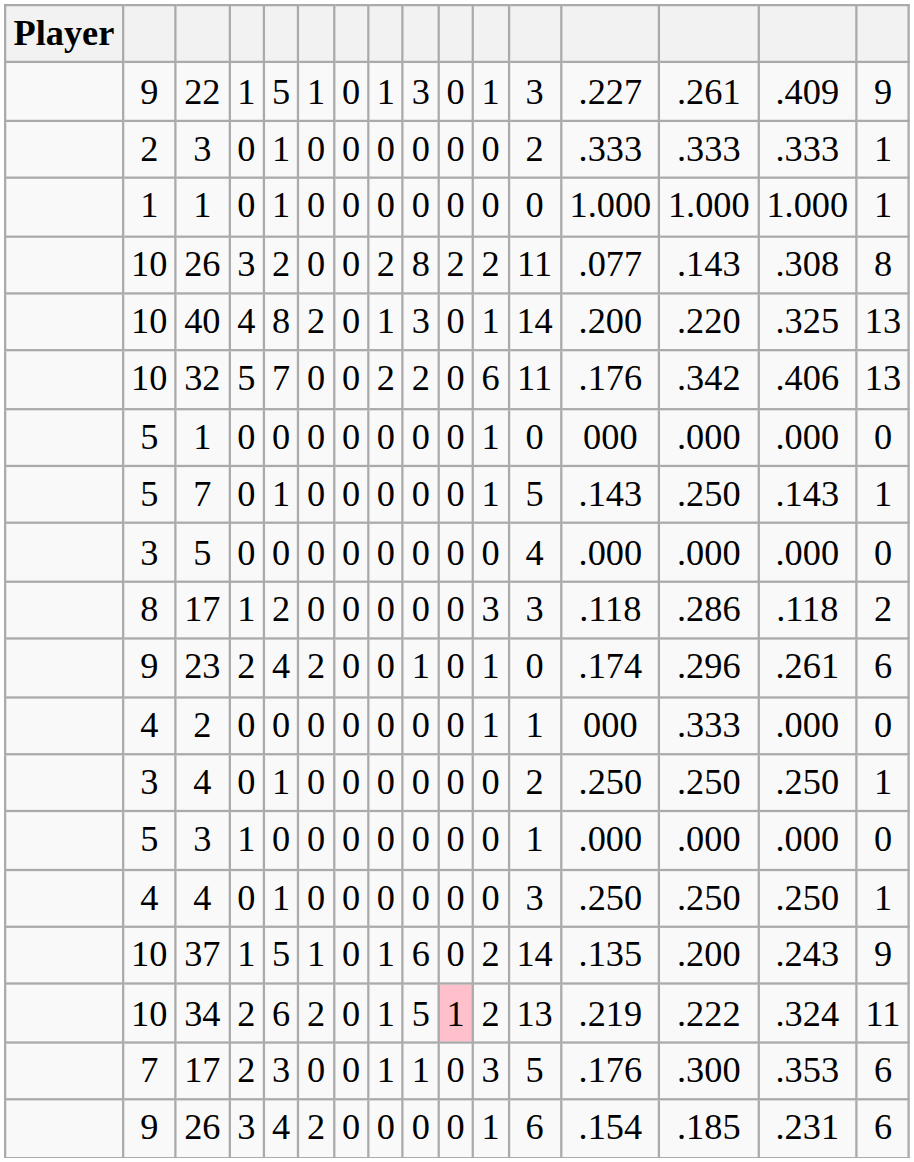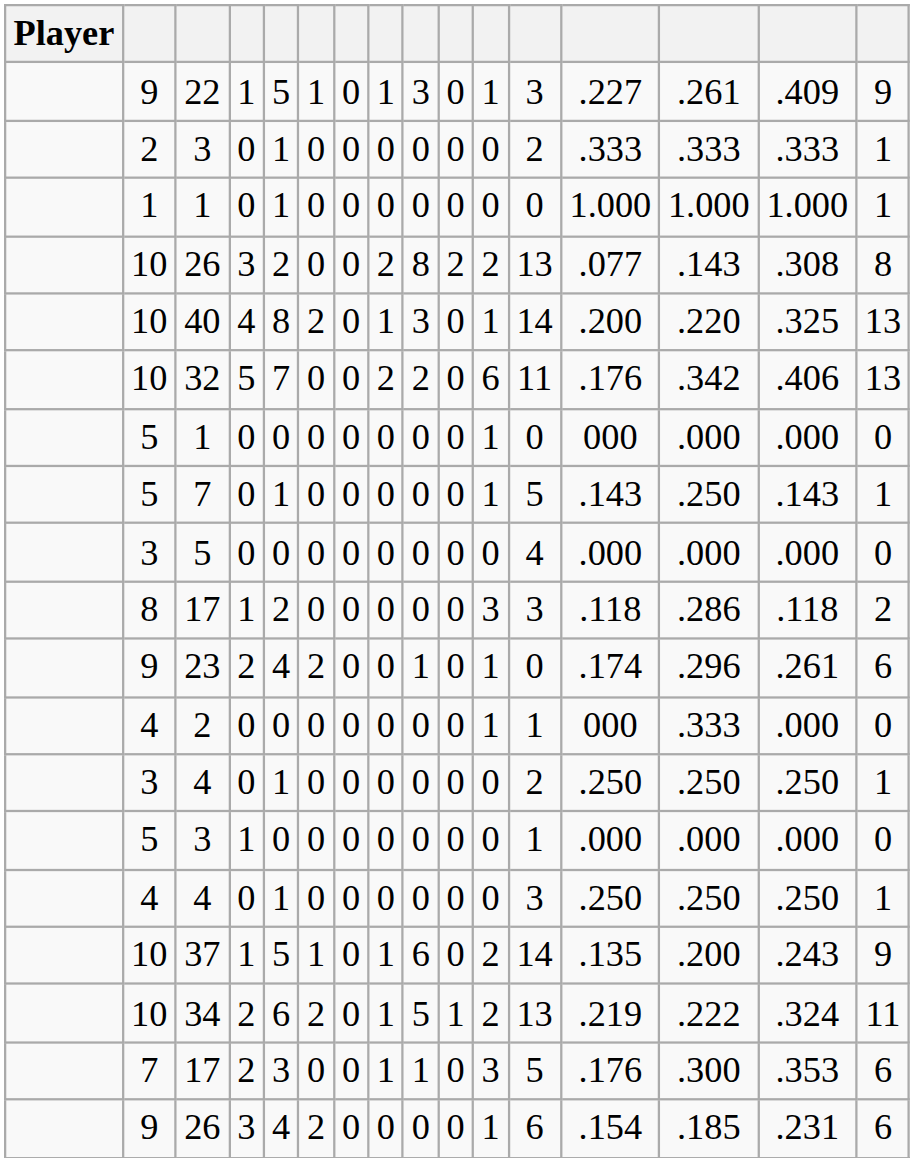 <table class="wikitable sortable" style="text-align:center;">
 <tr>
 <th>Player</th>
 <th></th>
 <th></th>
 <th></th>
 <th></th>
 <th></th>
 <th></th>
 <th></th>
 <th></th>
 <th></th>
 <th></th>
 <th></th>
 <th></th>
 <th></th>
 <th></th>
 <th></th>
 </tr>
 <tr>
 <td align=left></td>
 <td>9</td>
 <td>22</td>
 <td>1</td>
 <td>5</td>
 <td>1</td>
 <td>0</td>
 <td>1</td>
 <td>3</td>
 <td>0</td>
 <td>1</td>
 <td>3</td>
 <td>.227</td>
 <td>.261</td>
 <td>.409</td>
 <td>9</td>
 </tr>
 <tr>
 <td align=left></td>
 <td>2</td>
 <td>3</td>
 <td>0</td>
 <td>1</td>
 <td>0</td>
 <td>0</td>
 <td>0</td>
 <td>0</td>
 <td>0</td>
 <td>0</td>
 <td>2</td>
 <td>.333</td>
 <td>.333</td>
 <td>.333</td>
 <td>1</td>
 </tr>
 <tr>
 <td align=left></td>
 <td>1</td>
 <td>1</td>
 <td>0</td>
 <td>1</td>
 <td>0</td>
 <td>0</td>
 <td>0</td>
 <td>0</td>
 <td>0</td>
 <td>0</td>
 <td>0</td>
 <td>1.000</td>
 <td>1.000</td>
 <td>1.000</td>
 <td>1</td>
 </tr>
 <tr>
 <td align=left></td>
 <td>10</td>
 <td>26</td>
 <td>3</td>
 <td>2</td>
 <td>0</td>
 <td>0</td>
 <td>2</td>
 <td>8</td>
 <td>2</td>
 <td>2</td>
-<td>11</td>
+<td>13</td>
 <td>.077</td>
 <td>.143</td>
 <td>.308</td>
 <td>8</td>
 </tr>
 <tr>
 <td align=left></td>
 <td>10</td>
 <td>40</td>
 <td>4</td>
 <td>8</td>
 <td>2</td>
 <td>0</td>
 <td>1</td>
 <td>3</td>
 <td>0</td>
 <td>1</td>
 <td>14</td>
 <td>.200</td>
 <td>.220</td>
 <td>.325</td>
 <td>13</td>
 </tr>
 <tr>
 <td align=left></td>
 <td>10</td>
 <td>32</td>
 <td>5</td>
 <td>7</td>
 <td>0</td>
 <td>0</td>
 <td>2</td>
 <td>2</td>
 <td>0</td>
 <td>6</td>
 <td>11</td>
 <td>.176</td>
 <td>.342</td>
 <td>.406</td>
 <td>13</td>
 </tr>
 <tr>
 <td align=left></td>
 <td>5</td>
 <td>1</td>
 <td>0</td>
 <td>0</td>
 <td>0</td>
 <td>0</td>
 <td>0</td>
 <td>0</td>
 <td>0</td>
 <td>1</td>
 <td>0</td>
 <td>000</td>
 <td>.000</td>
 <td>.000</td>
 <td>0</td>
 </tr>
 <tr>
 <td align=left></td>
 <td>5</td>
 <td>7</td>
 <td>0</td>
 <td>1</td>
 <td>0</td>
 <td>0</td>
 <td>0</td>
 <td>0</td>
 <td>0</td>
 <td>1</td>
 <td>5</td>
 <td>.143</td>
 <td>.250</td>
 <td>.143</td>
 <td>1</td>
 </tr>
 <tr>
 <td align=left></td>
 <td>3</td>
 <td>5</td>
 <td>0</td>
 <td>0</td>
 <td>0</td>
 <td>0</td>
 <td>0</td>
 <td>0</td>
 <td>0</td>
 <td>0</td>
 <td>4</td>
 <td>.000</td>
 <td>.000</td>
 <td>.000</td>
 <td>0</td>
 </tr>
 <tr>
 <td align=left></td>
 <td>8</td>
 <td>17</td>
 <td>1</td>
 <td>2</td>
 <td>0</td>
 <td>0</td>
 <td>0</td>
 <td>0</td>
 <td>0</td>
 <td>3</td>
 <td>3</td>
 <td>.118</td>
 <td>.286</td>
 <td>.118</td>
 <td>2</td>
 </tr>
 <tr>
 <td align=left></td>
 <td>9</td>
 <td>23</td>
 <td>2</td>
 <td>4</td>
 <td>2</td>
 <td>0</td>
 <td>0</td>
 <td>1</td>
 <td>0</td>
 <td>1</td>
 <td>0</td>
 <td>.174</td>
 <td>.296</td>
 <td>.261</td>
 <td>6</td>
 </tr>
 <tr>
 <td align=left></td>
 <td>4</td>
 <td>2</td>
 <td>0</td>
 <td>0</td>
 <td>0</td>
 <td>0</td>
 <td>0</td>
 <td>0</td>
 <td>0</td>
 <td>1</td>
 <td>1</td>
 <td>000</td>
 <td>.333</td>
 <td>.000</td>
 <td>0</td>
 </tr>
 <tr>
 <td align=left></td>
 <td>3</td>
 <td>4</td>
 <td>0</td>
 <td>1</td>
 <td>0</td>
 <td>0</td>
 <td>0</td>
 <td>0</td>
 <td>0</td>
 <td>0</td>
 <td>2</td>
 <td>.250</td>
 <td>.250</td>
 <td>.250</td>
 <td>1</td>
 </tr>
 <tr>
 <td align=left></td>
 <td>5</td>
 <td>3</td>
 <td>1</td>
 <td>0</td>
 <td>0</td>
 <td>0</td>
 <td>0</td>
 <td>0</td>
 <td>0</td>
 <td>0</td>
 <td>1</td>
 <td>.000</td>
 <td>.000</td>
 <td>.000</td>
 <td>0</td>
 </tr>
 <tr>
 <td align=left></td>
 <td>4</td>
 <td>4</td>
 <td>0</td>
 <td>1</td>
 <td>0</td>
 <td>0</td>
 <td>0</td>
 <td>0</td>
 <td>0</td>
 <td>0</td>
 <td>3</td>
 <td>.250</td>
 <td>.250</td>
 <td>.250</td>
 <td>1</td>
 </tr>
 <tr>
 <td align=left></td>
 <td>10</td>
 <td>37</td>
 <td>1</td>
 <td>5</td>
 <td>1</td>
 <td>0</td>
 <td>1</td>
 <td>6</td>
 <td>0</td>
 <td>2</td>
 <td>14</td>
 <td>.135</td>
 <td>.200</td>
 <td>.243</td>
 <td>9</td>
 </tr>
 <tr>
 <td align=left></td>
 <td>10</td>
 <td>34</td>
 <td>2</td>
 <td>6</td>
 <td>2</td>
 <td>0</td>
 <td>1</td>
 <td>5</td>
-<td style="background: pink;">1</td>
+<td>1</td>
 <td>2</td>
 <td>13</td>
 <td>.219</td>
 <td>.222</td>
 <td>.324</td>
 <td>11</td>
 </tr>
 <tr>
 <td align=left></td>
 <td>7</td>
 <td>17</td>
 <td>2</td>
 <td>3</td>
 <td>0</td>
 <td>0</td>
 <td>1</td>
 <td>1</td>
 <td>0</td>
 <td>3</td>
 <td>5</td>
 <td>.176</td>
 <td>.300</td>
 <td>.353</td>
 <td>6</td>
 </tr>
 <tr>
 <td align=left></td>
 <td>9</td>
 <td>26</td>
 <td>3</td>
 <td>4</td>
 <td>2</td>
 <td>0</td>
 <td>0</td>
 <td>0</td>
 <td>0</td>
 <td>1</td>
 <td>6</td>
 <td>.154</td>
 <td>.185</td>
 <td>.231</td>
 <td>6</td>
 </tr>
 <tr>
 </tr>
 <tr class="sortbottom|}">
 </tr>
 </table>
